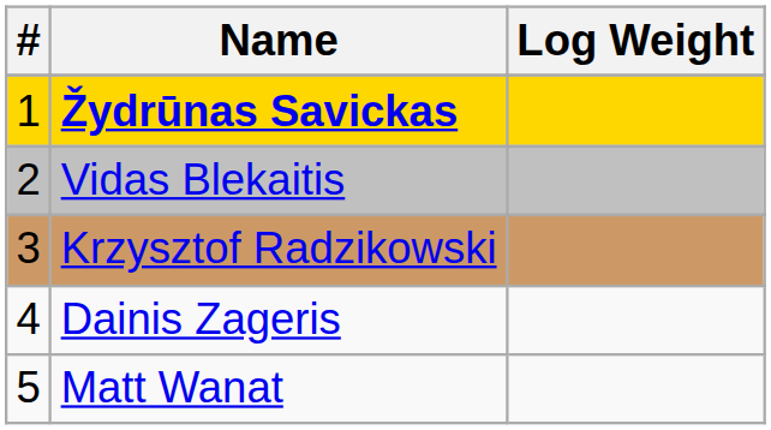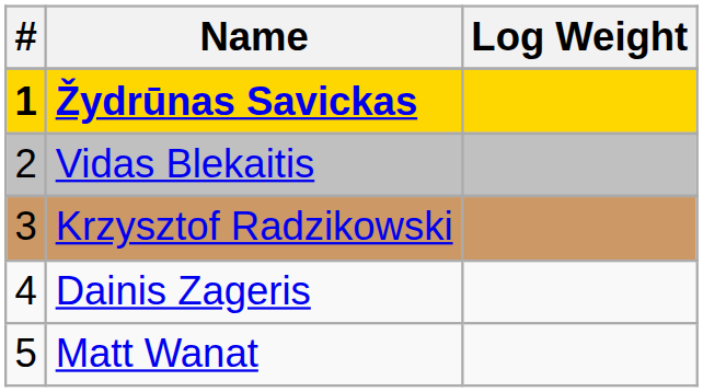 <table class="wikitable" style="display: inline-table">
 <tr>
 <th>#</th>
 <th>Name</th>
 <th>Log Weight</th>
 </tr>
 <tr>
 </tr>
 <tr style="background:gold;">
-<td>1</td>
+<td><strong>1</strong></td>
 <td> <strong><a href='#'>Žydrūnas Savickas</a></strong></td>
 <td></td>
 </tr>
 <tr>
 </tr>
 <tr style="background:silver;">
 <td>2</td>
 <td> <a href='#'>Vidas Blekaitis</a></td>
 <td></td>
 </tr>
 <tr>
 </tr>
 <tr style="background:#c96;">
 <td>3</td>
 <td> <a href='#'>Krzysztof Radzikowski</a></td>
 <td></td>
 </tr>
 <tr>
 <td>4</td>
 <td> <a href='#'>Dainis Zageris</a></td>
 <td></td>
 </tr>
 <tr>
 <td>5</td>
 <td> <a href='#'>Matt Wanat</a></td>
 <td></td>
 </tr>
 </table>
